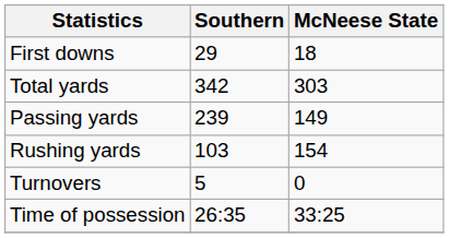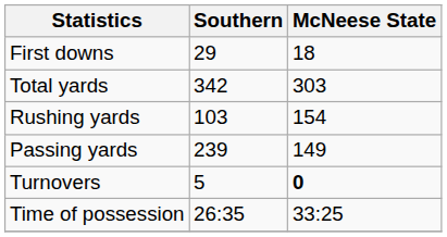 <table class="wikitable">
 <tr>
 <th>Statistics</th>
 <th>Southern</th>
 <th>McNeese State</th>
 </tr>
 <tr>
 <td>First downs</td>
 <td>29</td>
 <td>18</td>
 </tr>
 <tr>
 <td>Total yards</td>
 <td>342</td>
 <td>303</td>
 </tr>
 <tr>
+<td>Rushing yards</td>
+<td>103</td>
+<td>154</td>
+</tr>
+<tr>
 <td>Passing yards</td>
 <td>239</td>
 <td>149</td>
 </tr>
 <tr>
-<td>Rushing yards</td>
-<td>103</td>
-<td>154</td>
-</tr>
-<tr>
 <td>Turnovers</td>
 <td>5</td>
-<td>0</td>
+<td><strong>0</strong></td>
 </tr>
 <tr>
 <td>Time of possession</td>
 <td>26:35</td>
 <td>33:25</td>
 </tr>
 <tr>
 </tr>
 </table>
